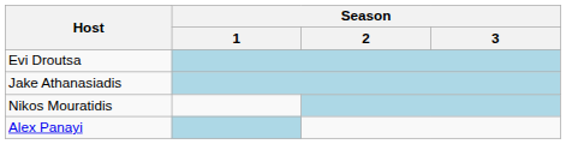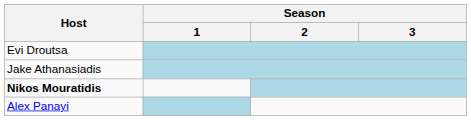 <table class="wikitable" width="40%">
 <tr>
 <th rowspan="2" width="30%">Host</th>
 <th colspan=4 text-align:center;>Season</th>
 </tr>
 <tr>
 <th>1</th>
 <th>2</th>
 <th>3</th>
 </tr>
 <tr>
 <td>Evi Droutsa</td>
 <td colspan="3" style="text-align:center; background:lightblue;"></td>
 </tr>
 <tr>
 <td>Jake Athanasiadis</td>
 <td colspan="3" style="text-align:center; background:lightblue;"></td>
 </tr>
 <tr>
-<td>Nikos Mouratidis</td>
+<td><strong>Nikos Mouratidis</strong></td>
 <td></td>
 <td colspan="2" style="text-align:center; background:lightblue;"></td>
 </tr>
 <tr>
 <td><a href='#'>Alex Panayi</a></td>
 <td colspan=1 style="text-align:center; background:lightblue;"></td>
 <td colspan="2"></td>
 </tr>
 </table>
